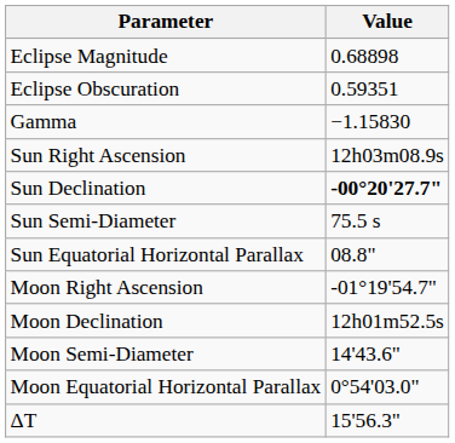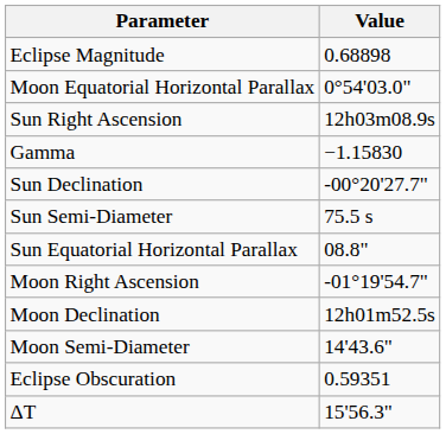 <table class="wikitable">
 <tr>
 <th>Parameter</th>
 <th>Value</th>
 </tr>
 <tr>
 <td>Eclipse Magnitude</td>
 <td>0.68898</td>
 </tr>
 <tr>
-<td>Eclipse Obscuration</td>
-<td>0.59351</td>
+<td>Moon Equatorial Horizontal Parallax</td>
+<td>0°54'03.0"</td>
+</tr>
+<tr>
+<td>Sun Right Ascension</td>
+<td>12h03m08.9s</td>
 </tr>
 <tr>
 <td>Gamma</td>
 <td>−1.15830</td>
 </tr>
 <tr>
-<td>Sun Right Ascension</td>
-<td>12h03m08.9s</td>
-</tr>
-<tr>
 <td>Sun Declination</td>
-<td><strong>-00°20'27.7"</strong></td>
+<td>-00°20'27.7"</td>
 </tr>
 <tr>
 <td>Sun Semi-Diameter</td>
 <td>75.5 s</td>
 </tr>
 <tr>
 <td>Sun Equatorial Horizontal Parallax</td>
 <td>08.8"</td>
 </tr>
 <tr>
 <td>Moon Right Ascension</td>
 <td>-01°19'54.7"</td>
 </tr>
 <tr>
 <td>Moon Declination</td>
 <td>12h01m52.5s</td>
 </tr>
 <tr>
 <td>Moon Semi-Diameter</td>
 <td>14'43.6"</td>
 </tr>
 <tr>
-<td>Moon Equatorial Horizontal Parallax</td>
-<td>0°54'03.0"</td>
+<td>Eclipse Obscuration</td>
+<td>0.59351</td>
 </tr>
 <tr>
 <td>ΔT</td>
 <td>15'56.3"</td>
 </tr>
 </table>
